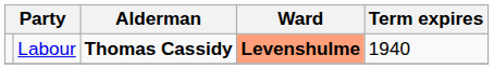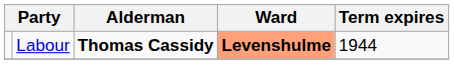 <table class="wikitable">
 <tr>
 <th colspan="2">Party</th>
 <th>Alderman</th>
 <th>Ward</th>
 <th>Term expires</th>
 </tr>
 <tr>
 <td style="background-color:"></td>
 <td><a href='#'>Labour</a></td>
 <td><strong>Thomas Cassidy</strong></td>
 <td style="background: lightsalmon;"><strong>Levenshulme</strong></td>
-<td>1940</td>
+<td>1944</td>
 </tr>
 <tr>
 </tr>
 </table>
